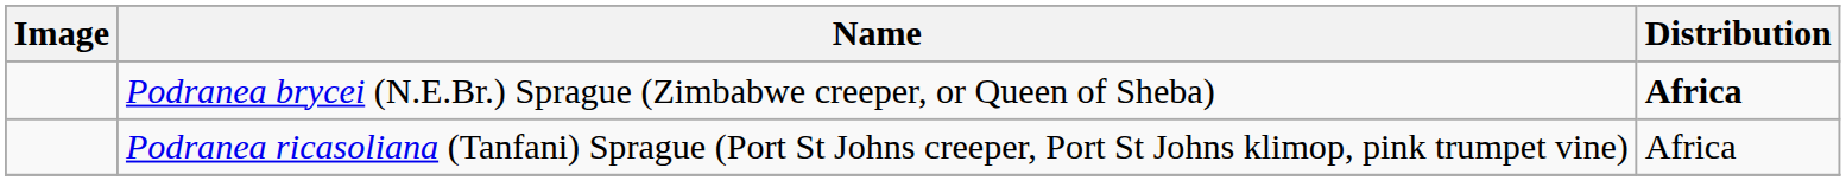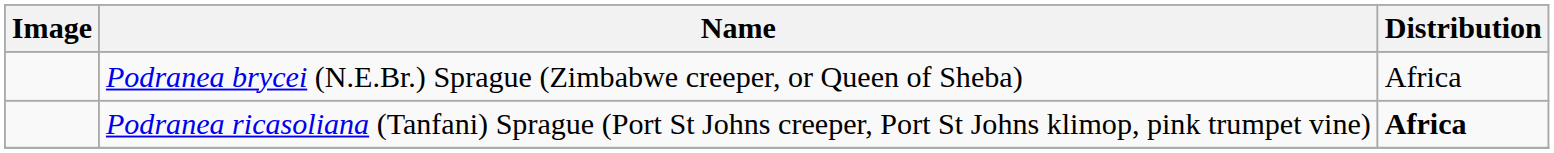 <table class="wikitable">
 <tr>
 <th>Image</th>
 <th>Name</th>
 <th>Distribution</th>
 </tr>
 <tr>
 <td></td>
 <td><em><a href='#'>Podranea brycei</a></em> (N.E.Br.) Sprague (Zimbabwe creeper, or Queen of Sheba)</td>
-<td><strong>Africa</strong></td>
+<td>Africa</td>
 </tr>
 <tr>
 <td></td>
 <td><em><a href='#'>Podranea ricasoliana</a></em> (Tanfani) Sprague (Port St Johns creeper, Port St Johns klimop, pink trumpet vine)</td>
-<td>Africa</td>
+<td><strong>Africa</strong></td>
 </tr>
 <tr>
 </tr>
 </table>
